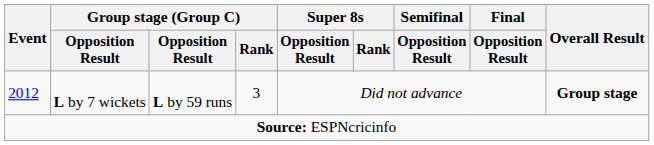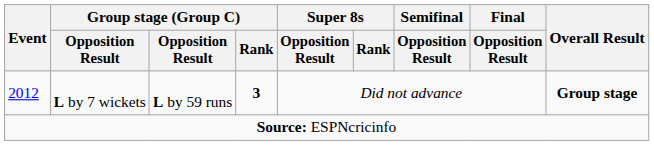 <table class=wikitable style=font-size:90%;text-align:center>
 <tr>
 <th rowspan=2>Event</th>
 <th colspan=3>Group stage (Group C)</th>
 <th colspan=2>Super 8s</th>
 <th>Semifinal</th>
 <th>Final</th>
 <th rowspan=2>Overall Result</th>
 </tr>
 <tr style=font-size:95%>
 <th>Opposition<br>Result</th>
 <th>Opposition<br>Result</th>
 <th>Rank</th>
 <th>Opposition<br>Result</th>
 <th>Rank</th>
 <th>Opposition<br>Result</th>
 <th>Opposition<br>Result</th>
 </tr>
 <tr>
 <td align=left><a href='#'>2012</a></td>
 <td><br><strong>L</strong> by 7 wickets</td>
 <td><br><strong>L</strong> by 59 runs</td>
-<td>3</td>
+<td><strong>3</strong></td>
 <td colspan="4"><em>Did not advance</em></td>
 <td><strong>Group stage</strong></td>
 </tr>
 <tr>
 <td colspan="11"><strong>Source:</strong> ESPNcricinfo</td>
 </tr>
 </table>
